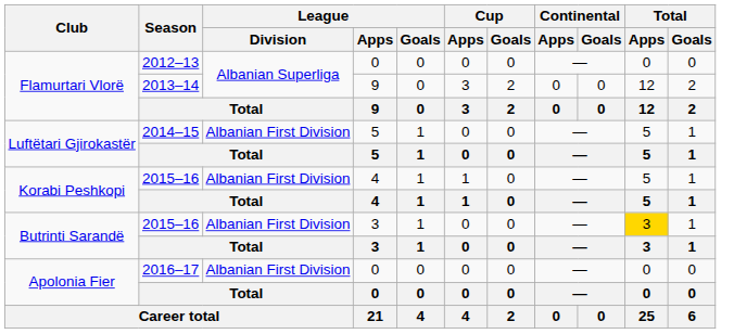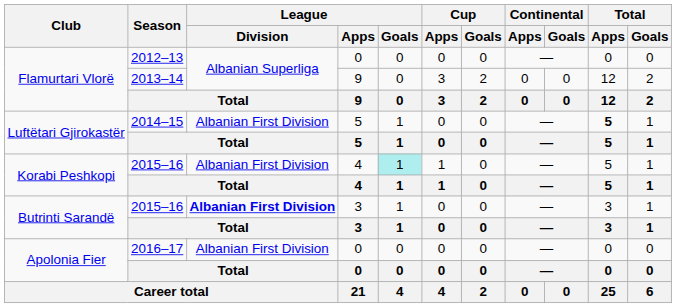 <table class="wikitable" style="text-align:center">
 <tr>
 <th rowspan="2">Club</th>
 <th rowspan="2">Season</th>
 <th colspan="3">League</th>
 <th colspan="2">Cup</th>
 <th colspan="2">Continental</th>
 <th colspan="2">Total</th>
 </tr>
 <tr>
 <th>Division</th>
 <th>Apps</th>
 <th>Goals</th>
 <th>Apps</th>
 <th>Goals</th>
 <th>Apps</th>
 <th>Goals</th>
 <th>Apps</th>
 <th>Goals</th>
 </tr>
 <tr>
 <td rowspan="3"><a href='#'>Flamurtari Vlorë</a></td>
 <td><a href='#'>2012–13</a></td>
 <td rowspan="2"><a href='#'>Albanian Superliga</a></td>
 <td>0</td>
 <td>0</td>
 <td>0</td>
 <td>0</td>
 <td colspan="2">—</td>
 <td>0</td>
 <td>0</td>
 </tr>
 <tr>
 <td><a href='#'>2013–14</a></td>
 <td>9</td>
 <td>0</td>
 <td>3</td>
 <td>2</td>
 <td>0</td>
 <td>0</td>
 <td>12</td>
 <td>2</td>
 </tr>
 <tr>
 <th colspan="2">Total</th>
 <th>9</th>
 <th>0</th>
 <th>3</th>
 <th>2</th>
 <th>0</th>
 <th>0</th>
 <th>12</th>
 <th>2</th>
 </tr>
 <tr>
 <td rowspan="2"><a href='#'>Luftëtari Gjirokastër</a></td>
 <td><a href='#'>2014–15</a></td>
 <td rowspan="1"><a href='#'>Albanian First Division</a></td>
 <td>5</td>
 <td>1</td>
 <td>0</td>
 <td>0</td>
 <td colspan="2">—</td>
-<td>5</td>
+<td><strong>5</strong></td>
 <td>1</td>
 </tr>
 <tr>
 <th colspan="2">Total</th>
 <th>5</th>
 <th>1</th>
 <th>0</th>
 <th>0</th>
 <th colspan="2">—</th>
 <th>5</th>
 <th>1</th>
 </tr>
 <tr>
 <td rowspan="2"><a href='#'>Korabi Peshkopi</a></td>
 <td><a href='#'>2015–16</a></td>
 <td rowspan="1"><a href='#'>Albanian First Division</a></td>
 <td>4</td>
-<td>1</td>
+<td style="background: paleturquoise;">1</td>
 <td>1</td>
 <td>0</td>
 <td colspan="2">—</td>
 <td>5</td>
 <td>1</td>
 </tr>
 <tr>
 <th colspan="2">Total</th>
 <th>4</th>
 <th>1</th>
 <th>1</th>
 <th>0</th>
 <th colspan="2">—</th>
 <th>5</th>
 <th>1</th>
 </tr>
 <tr>
 <td rowspan="2"><a href='#'>Butrinti Sarandë</a></td>
 <td><a href='#'>2015–16</a></td>
-<td rowspan="1"><a href='#'>Albanian First Division</a></td>
+<td rowspan="1"><strong><a href='#'>Albanian First Division</a></strong></td>
 <td>3</td>
 <td>1</td>
 <td>0</td>
 <td>0</td>
 <td colspan="2">—</td>
-<td style="background: gold;">3</td>
+<td>3</td>
 <td>1</td>
 </tr>
 <tr>
 <th colspan="2">Total</th>
 <th>3</th>
 <th>1</th>
 <th>0</th>
 <th>0</th>
 <th colspan="2">—</th>
 <th>3</th>
 <th>1</th>
 </tr>
 <tr>
 <td rowspan="2"><a href='#'>Apolonia Fier</a></td>
 <td><a href='#'>2016–17</a></td>
 <td rowspan="1"><a href='#'>Albanian First Division</a></td>
 <td>0</td>
 <td>0</td>
 <td>0</td>
 <td>0</td>
 <td colspan="2">—</td>
 <td>0</td>
 <td>0</td>
 </tr>
 <tr>
 <th colspan="2">Total</th>
 <th>0</th>
 <th>0</th>
 <th>0</th>
 <th>0</th>
 <th colspan="2">—</th>
 <th>0</th>
 <th>0</th>
 </tr>
 <tr>
 <th colspan="3">Career total</th>
 <th>21</th>
 <th>4</th>
 <th>4</th>
 <th>2</th>
 <th>0</th>
 <th>0</th>
 <th>25</th>
 <th>6</th>
 </tr>
 </table>
